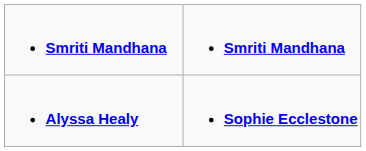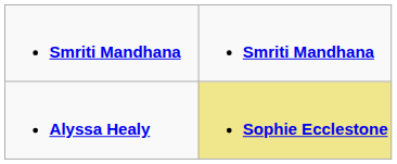 <table class=wikitable>
 <tr>
 <td valign="top" width="50%"><br><ul><li><strong> <a href='#'>Smriti Mandhana</a></strong></li></ul></td>
 <td valign="top" width="50%"><br><ul><li><strong> <a href='#'>Smriti Mandhana</a></strong></li></ul></td>
 </tr>
 <tr>
 <td valign="top" width="50%"><br><ul><li><strong> <a href='#'>Alyssa Healy</a></strong></li></ul></td>
-<td valign="top" width="50%"><br><ul><li><strong> <a href='#'>Sophie Ecclestone</a></strong></li></ul></td>
+<td valign="top" width="50%" style="background: khaki;"><br><ul><li><strong> <a href='#'>Sophie Ecclestone</a></strong></li></ul></td>
 </tr>
 </table>
